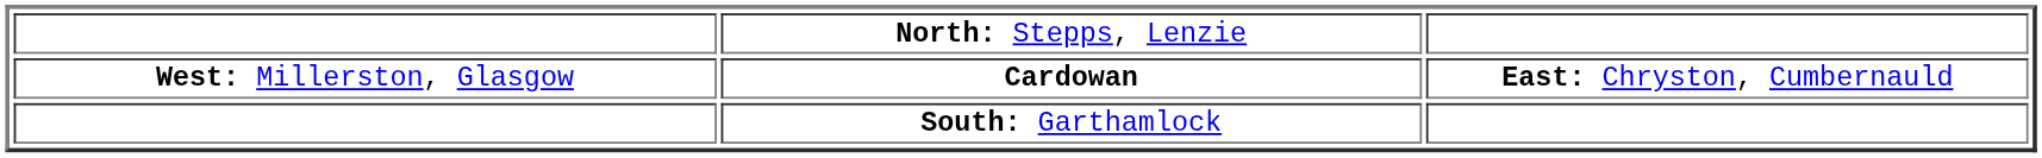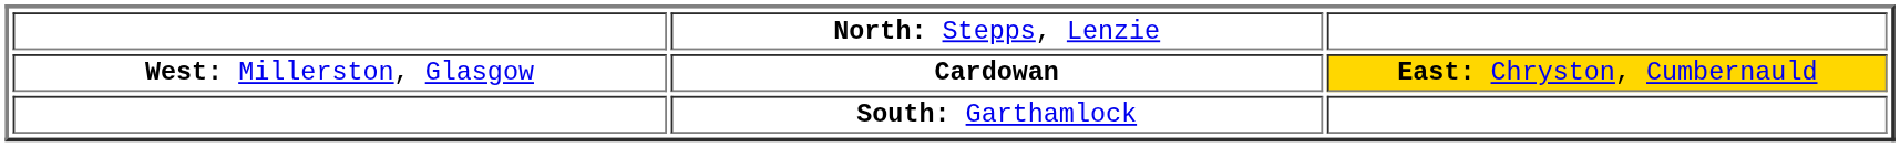 <table width ="75%" border ="2" align="center">
 <tr ---->
 <td width ="35%" align="center"></td>
 <td width ="30%" align="center"><strong>North:</strong> <a href='#'>Stepps</a>, <a href='#'>Lenzie</a></td>
 <td width ="35%" align="center"></td>
 </tr>
 <tr ---->
 <td width ="10%" align="center"><strong>West:</strong> <a href='#'>Millerston</a>, <a href='#'>Glasgow</a></td>
 <td width ="35%" align="center"><strong>Cardowan</strong></td>
-<td width ="30%" align="center"><strong>East:</strong> <a href='#'>Chryston</a>, <a href='#'>Cumbernauld</a></td>
+<td width ="30%" align="center" style="background: gold;"><strong>East:</strong> <a href='#'>Chryston</a>, <a href='#'>Cumbernauld</a></td>
 </tr>
 <tr ---->
 <td width ="35%" align="center"></td>
 <td width ="30%" align="center"><strong>South:</strong> <a href='#'>Garthamlock</a></td>
 <td width ="35%" align="center"></td>
 </tr>
 </table>
